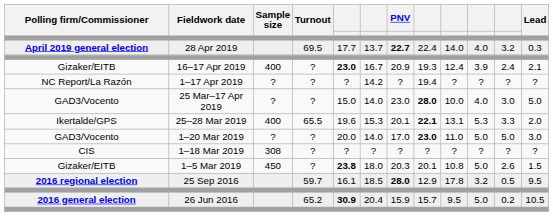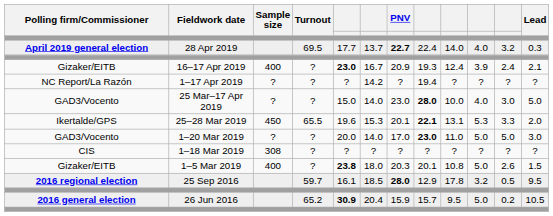 <table class="wikitable collapsible collapsed" style="text-align:center; font-size:95%; line-height:16px;">
 <tr style="height:42px;">
 <th style="width:250px;" rowspan="2">Polling firm/Commissioner</th>
 <th style="width:125px;" rowspan="2">Fieldwork date</th>
 <th style="width:50px;" rowspan="2">Sample size</th>
 <th style="width:45px;" rowspan="2">Turnout</th>
 <th style="width:35px;"></th>
 <th style="width:35px;"></th>
 <th style="width:35px;"><a href='#'>PNV</a></th>
 <th style="width:35px;"></th>
 <th style="width:35px;"></th>
 <th style="width:35px;"></th>
 <th style="width:35px;"></th>
 <th style="width:30px;" rowspan="2">Lead</th>
 </tr>
 <tr>
 <th style="color:inherit;background:"></th>
 <th style="color:inherit;background:"></th>
 <th style="color:inherit;background:"></th>
 <th style="color:inherit;background:"></th>
 <th style="color:inherit;background:"></th>
 <th style="color:inherit;background:"></th>
 <th style="color:inherit;background:"></th>
 </tr>
 <tr>
 <td colspan="12" style="background:#A0A0A0"></td>
 </tr>
 <tr style="background:#EFEFEF;">
 <td><strong><a href='#'>April 2019 general election</a></strong></td>
 <td>28 Apr 2019</td>
 <td></td>
 <td>69.5</td>
 <td>17.7<br></td>
 <td>13.7<br></td>
 <td><strong>22.7</strong><br></td>
 <td>22.4<br></td>
 <td>14.0<br></td>
 <td>4.0<br></td>
 <td>3.2<br></td>
 <td style="background:">0.3</td>
 </tr>
 <tr>
 <td colspan="12" style="background:#A0A0A0"></td>
 </tr>
 <tr>
 <td>Gizaker/EITB</td>
 <td>16–17 Apr 2019</td>
 <td>400</td>
 <td>?</td>
 <td><strong>23.0</strong><br></td>
 <td>16.7<br></td>
 <td>20.9<br></td>
 <td>19.3<br></td>
 <td>12.4<br></td>
 <td>3.9<br></td>
 <td>2.4<br></td>
 <td style="background:">2.1</td>
 </tr>
 <tr>
 <td>NC Report/La Razón</td>
 <td>1–17 Apr 2019</td>
 <td>?</td>
 <td>?</td>
 <td>?<br></td>
 <td>14.2<br></td>
 <td>?<br></td>
 <td>19.4<br></td>
 <td>?<br></td>
 <td>?<br></td>
 <td>?<br></td>
 <td style="background:">?</td>
 </tr>
 <tr>
 <td>GAD3/Vocento</td>
 <td>25 Mar–17 Apr 2019</td>
 <td>?</td>
 <td>?</td>
 <td>15.0<br></td>
 <td>14.0<br></td>
 <td>23.0<br></td>
 <td><strong>28.0</strong><br></td>
 <td>10.0<br></td>
 <td>4.0<br></td>
 <td>3.0<br></td>
 <td style="background:">5.0</td>
 </tr>
 <tr>
 <td>Ikertalde/GPS</td>
 <td>25–28 Mar 2019</td>
-<td>400</td>
+<td>450</td>
 <td>65.5</td>
 <td>19.6<br></td>
 <td>15.3<br></td>
 <td>20.1<br></td>
 <td><strong>22.1</strong><br></td>
 <td>13.1<br></td>
 <td>5.3<br></td>
 <td>3.3<br></td>
 <td style="background:">2.0</td>
 </tr>
 <tr>
 <td>GAD3/Vocento</td>
 <td>1–20 Mar 2019</td>
 <td>?</td>
 <td>?</td>
 <td>20.0<br></td>
 <td>14.0<br></td>
 <td>17.0<br></td>
 <td><strong>23.0</strong><br></td>
 <td>11.0<br></td>
 <td>5.0<br></td>
 <td>5.0<br></td>
 <td style="background:">3.0</td>
 </tr>
 <tr>
 <td>CIS</td>
 <td>1–18 Mar 2019</td>
 <td>308</td>
 <td>?</td>
 <td>?<br></td>
 <td>?<br></td>
 <td>?<br></td>
 <td>?<br></td>
 <td>?<br></td>
 <td>?<br></td>
 <td>?<br></td>
 <td style="background:">?</td>
 </tr>
 <tr>
 <td>Gizaker/EITB</td>
 <td>1–5 Mar 2019</td>
-<td>450</td>
+<td>400</td>
 <td>?</td>
 <td><strong>23.8</strong><br></td>
 <td>18.0<br></td>
 <td>20.3<br></td>
 <td>20.1<br></td>
 <td>10.8<br></td>
 <td>5.0<br></td>
 <td>2.6<br></td>
 <td style="background:">1.5</td>
 </tr>
 <tr style="background:#EFEFEF;">
 <td><strong><a href='#'>2016 regional election</a></strong></td>
 <td>25 Sep 2016</td>
 <td></td>
 <td>59.7</td>
 <td>16.1<br></td>
 <td>18.5<br></td>
 <td><strong>28.0</strong><br></td>
 <td>12.9<br></td>
 <td>17.8<br></td>
 <td>3.2<br></td>
 <td>0.5<br></td>
 <td style="background:">9.5</td>
 </tr>
 <tr>
 <td colspan="12" style="background:#A0A0A0"></td>
 </tr>
 <tr style="background:#EFEFEF;">
 <td><strong><a href='#'>2016 general election</a></strong></td>
 <td>26 Jun 2016</td>
 <td></td>
 <td>65.2</td>
 <td><strong>30.9</strong><br></td>
 <td>20.4<br></td>
 <td>15.9<br></td>
 <td>15.7<br></td>
 <td>9.5<br></td>
 <td>5.0<br></td>
 <td>0.2<br></td>
 <td style="background:">10.5</td>
 </tr>
 <tr>
 <td colspan="12" style="background:#A0A0A0"></td>
 </tr>
 </table>
